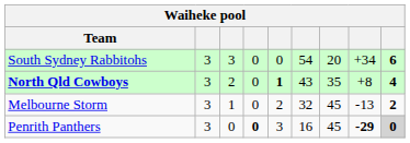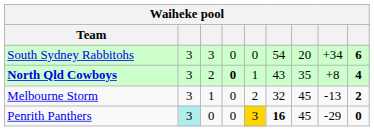 <table class="wikitable" style="text-align:center">
 <tr>
 <th colspan="9"><strong>Waiheke pool</strong></th>
 </tr>
 <tr>
 <th style="width:210px;">Team</th>
 <th width="20"></th>
 <th width="20"></th>
 <th width="20"></th>
 <th width="20"></th>
 <th width="25"></th>
 <th width="25"></th>
 <th width="30"></th>
 <th width="20"></th>
 </tr>
 <tr style="background:#cfc;">
 <td align=left> <a href='#'>South Sydney Rabbitohs</a></td>
 <td>3</td>
 <td>3</td>
 <td>0</td>
 <td>0</td>
 <td>54</td>
 <td>20</td>
 <td>+34</td>
 <td><strong>6</strong></td>
 </tr>
 <tr style="background:#cfc;">
 <td align=left> <strong><a href='#'>North Qld Cowboys</a></strong></td>
 <td>3</td>
 <td>2</td>
-<td>0</td>
-<td><strong>1</strong></td>
+<td><strong>0</strong></td>
+<td>1</td>
 <td>43</td>
 <td>35</td>
 <td>+8</td>
 <td><strong>4</strong></td>
 </tr>
 <tr>
 <td align=left> <a href='#'>Melbourne Storm</a></td>
 <td>3</td>
 <td>1</td>
 <td>0</td>
 <td>2</td>
 <td>32</td>
 <td>45</td>
 <td>-13</td>
 <td><strong>2</strong></td>
 </tr>
 <tr>
 <td align=left> <a href='#'>Penrith Panthers</a></td>
-<td>3</td>
+<td style="background: paleturquoise;">3</td>
 <td>0</td>
+<td>0</td>
+<td style="background: gold;">3</td>
+<td><strong>16</strong></td>
+<td>45</td>
+<td>-29</td>
 <td><strong>0</strong></td>
-<td>3</td>
-<td>16</td>
-<td>45</td>
-<td><strong>-29</strong></td>
-<td style="background: lightgrey;"><strong>0</strong></td>
 </tr>
 </table>
